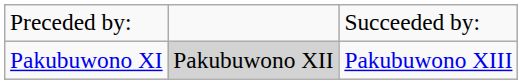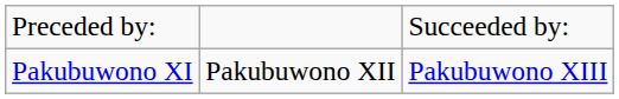 <table class="wikitable">
 <tr>
 <td>Preceded by:</td>
 <td></td>
 <td>Succeeded by:</td>
 </tr>
 <tr>
 <td><a href='#'>Pakubuwono XI</a></td>
-<td style="background: lightgrey;">Pakubuwono XII</td>
+<td>Pakubuwono XII</td>
 <td><a href='#'>Pakubuwono XIII</a></td>
 </tr>
 </table>
